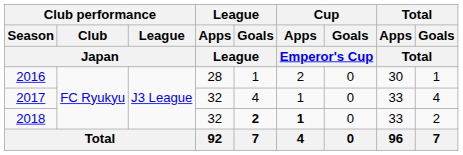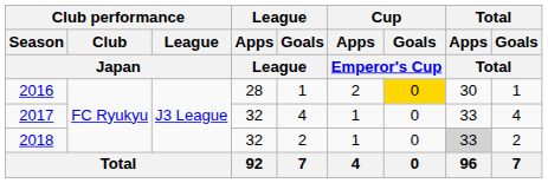 <table class="wikitable" style="text-align:center;">
 <tr>
 <th colspan=3>Club performance</th>
 <th colspan=2>League</th>
 <th colspan=2>Cup</th>
 <th colspan=2>Total</th>
 </tr>
 <tr>
 <th>Season</th>
 <th>Club</th>
 <th>League</th>
 <th>Apps</th>
 <th>Goals</th>
 <th>Apps</th>
 <th>Goals</th>
 <th>Apps</th>
 <th>Goals</th>
 </tr>
 <tr>
 <th colspan=3>Japan</th>
 <th colspan=2>League</th>
 <th colspan=2><a href='#'>Emperor's Cup</a></th>
 <th colspan=2>Total</th>
 </tr>
 <tr>
 <td><a href='#'>2016</a></td>
 <td rowspan="3"><a href='#'>FC Ryukyu</a></td>
 <td rowspan="3"><a href='#'>J3 League</a></td>
 <td>28</td>
 <td>1</td>
 <td>2</td>
-<td>0</td>
+<td style="background: gold;">0</td>
 <td>30</td>
 <td>1</td>
 </tr>
 <tr>
 <td><a href='#'>2017</a></td>
 <td>32</td>
 <td>4</td>
 <td>1</td>
 <td>0</td>
 <td>33</td>
 <td>4</td>
 </tr>
 <tr>
 <td><a href='#'>2018</a></td>
 <td>32</td>
-<td><strong>2</strong></td>
-<td><strong>1</strong></td>
+<td>2</td>
+<td>1</td>
 <td>0</td>
-<td>33</td>
+<td style="background: lightgrey;">33</td>
 <td>2</td>
 </tr>
 <tr>
 <th colspan=3>Total</th>
 <th>92</th>
 <th>7</th>
 <th>4</th>
 <th>0</th>
 <th>96</th>
 <th>7</th>
 </tr>
 </table>
